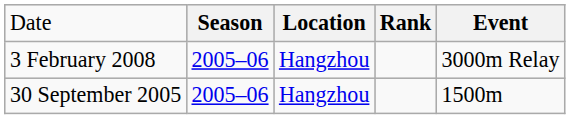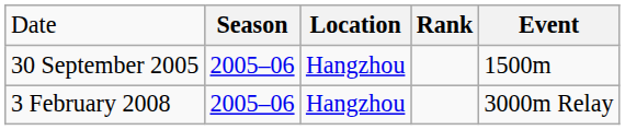 <table class="wikitable sortable" style="font-size:90%" style="text-align:center">
 <tr>
 <td>Date</td>
 <th>Season</th>
 <th>Location</th>
 <th>Rank</th>
 <th>Event</th>
 </tr>
 <tr>
+<td>30 September 2005</td>
+<td><a href='#'>2005–06</a></td>
+<td><a href='#'>Hangzhou</a></td>
+<td></td>
+<td>1500m</td>
+</tr>
+<tr>
 <td>3 February 2008</td>
 <td><a href='#'>2005–06</a></td>
 <td><a href='#'>Hangzhou</a></td>
 <td></td>
 <td>3000m Relay</td>
 </tr>
-<tr>
-<td>30 September 2005</td>
-<td><a href='#'>2005–06</a></td>
-<td><a href='#'>Hangzhou</a></td>
-<td></td>
-<td>1500m</td>
-</tr>
 </table>
